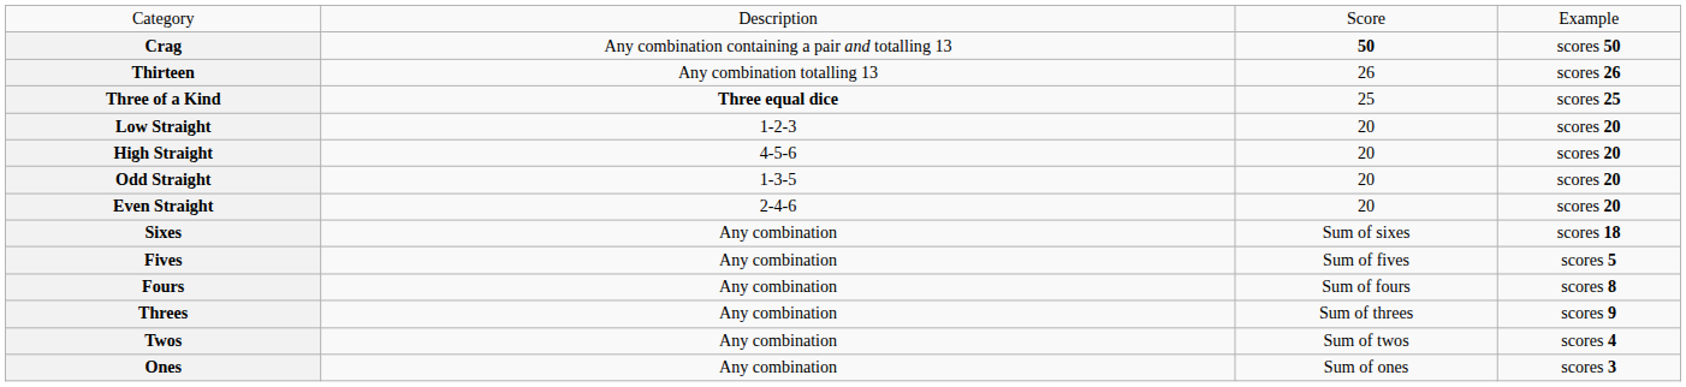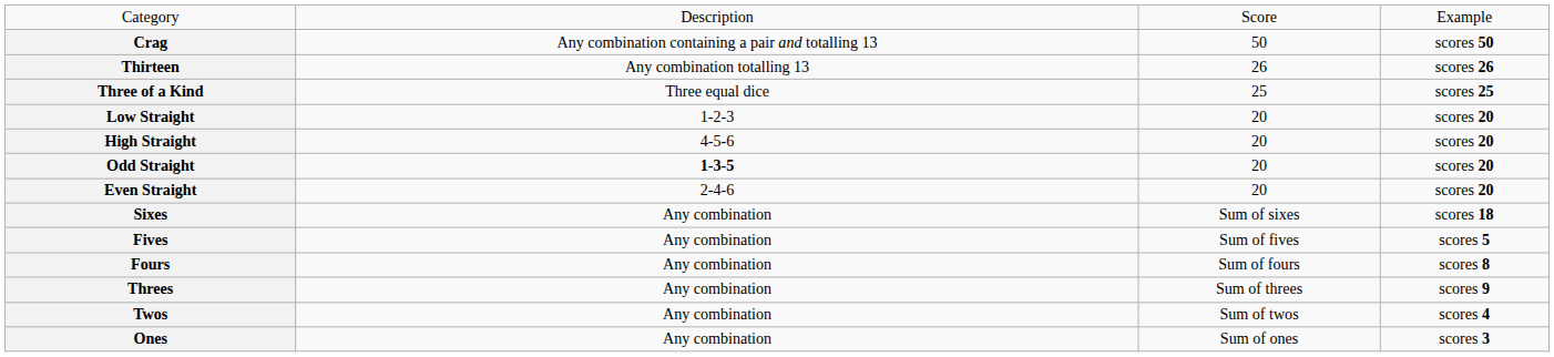 <table class="wikitable" style="font-size:100%; text-align:center; margin-left: auto; margin-right: auto" width="100%">
 <tr>
 <td>Category</td>
 <td>Description</td>
 <td>Score</td>
 <td>Example</td>
 </tr>
 <tr>
 <th>Crag</th>
 <td>Any combination containing a pair <em>and</em> totalling 13</td>
-<td><strong>50</strong></td>
+<td>50</td>
 <td> scores <strong>50</strong></td>
 </tr>
 <tr>
 <th>Thirteen</th>
 <td>Any combination totalling 13</td>
 <td>26</td>
 <td> scores <strong>26</strong></td>
 </tr>
 <tr>
 <th>Three of a Kind</th>
-<td><strong>Three equal dice</strong></td>
+<td>Three equal dice</td>
 <td>25</td>
 <td> scores <strong>25</strong></td>
 </tr>
 <tr>
 <th>Low Straight</th>
 <td>1-2-3</td>
 <td>20</td>
 <td> scores <strong>20</strong></td>
 </tr>
 <tr>
 <th>High Straight</th>
 <td>4-5-6</td>
 <td>20</td>
 <td> scores <strong>20</strong></td>
 </tr>
 <tr>
 <th>Odd Straight</th>
-<td>1-3-5</td>
+<td><strong>1-3-5</strong></td>
 <td>20</td>
 <td> scores <strong>20</strong></td>
 </tr>
 <tr>
 <th>Even Straight</th>
 <td>2-4-6</td>
 <td>20</td>
 <td> scores <strong>20</strong></td>
 </tr>
 <tr>
 <th>Sixes</th>
 <td>Any combination</td>
 <td>Sum of sixes</td>
 <td> scores <strong>18</strong></td>
 </tr>
 <tr>
 <th>Fives</th>
 <td>Any combination</td>
 <td>Sum of fives</td>
 <td> scores <strong>5</strong></td>
 </tr>
 <tr>
 <th>Fours</th>
 <td>Any combination</td>
 <td>Sum of fours</td>
 <td> scores <strong>8</strong></td>
 </tr>
 <tr>
 <th>Threes</th>
 <td>Any combination</td>
 <td>Sum of threes</td>
 <td> scores <strong>9</strong></td>
 </tr>
 <tr>
 <th>Twos</th>
 <td>Any combination</td>
 <td>Sum of twos</td>
 <td> scores <strong>4</strong></td>
 </tr>
 <tr>
 <th>Ones</th>
 <td>Any combination</td>
 <td>Sum of ones</td>
 <td> scores <strong>3</strong></td>
 </tr>
 </table>
